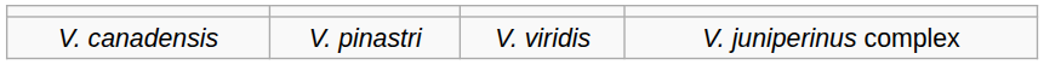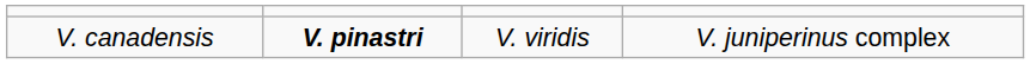 <table class="wikitable" style="width:640px; margin: 1em auto; text-align: center;">
 <tr>
 <td></td>
 <td></td>
 <td></td>
 <td></td>
 </tr>
 <tr>
 <td><em>V. canadensis</em></td>
-<td><em>V. pinastri</em></td>
+<td><strong><em>V. pinastri</em></strong></td>
 <td><em>V. viridis</em></td>
 <td><em>V. juniperinus</em> complex</td>
 </tr>
 </table>
